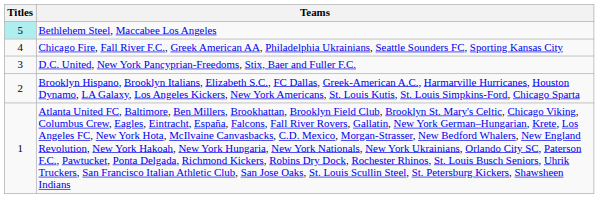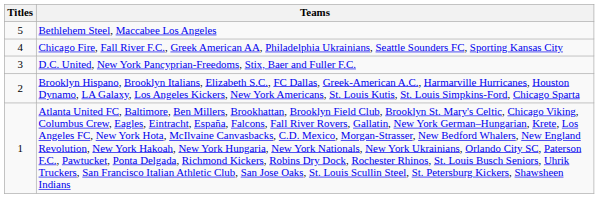 <table class="wikitable">
 <tr>
 <th style="width:40px;">Titles</th>
 <th style="width:1200px;">Teams</th>
 </tr>
 <tr>
-<td align=center style="background: paleturquoise;">5</td>
+<td align=center>5</td>
 <td><a href='#'>Bethlehem Steel</a>, <a href='#'>Maccabee Los Angeles</a></td>
 </tr>
 <tr>
 <td align=center>4</td>
 <td><a href='#'>Chicago Fire</a>, <a href='#'>Fall River F.C.</a>, <a href='#'>Greek American AA</a>, <a href='#'>Philadelphia Ukrainians</a>, <a href='#'>Seattle Sounders FC</a>, <a href='#'>Sporting Kansas City</a></td>
 </tr>
 <tr>
 <td align=center>3</td>
 <td><a href='#'>D.C. United</a>, <a href='#'>New York Pancyprian-Freedoms</a>, <a href='#'>Stix, Baer and Fuller F.C.</a></td>
 </tr>
 <tr>
 <td align=center>2</td>
 <td><a href='#'>Brooklyn Hispano</a>, <a href='#'>Brooklyn Italians</a>, <a href='#'>Elizabeth S.C.</a>, <a href='#'>FC Dallas</a>, <a href='#'>Greek-American A.C.</a>, <a href='#'>Harmarville Hurricanes</a>, <a href='#'>Houston Dynamo</a>, <a href='#'>LA Galaxy</a>, <a href='#'>Los Angeles Kickers</a>, <a href='#'>New York Americans</a>, <a href='#'>St. Louis Kutis</a>, <a href='#'>St. Louis Simpkins-Ford</a>, <a href='#'>Chicago Sparta</a></td>
 </tr>
 <tr>
 <td align=center>1</td>
 <td><a href='#'>Atlanta United FC</a>, <a href='#'>Baltimore</a>, <a href='#'>Ben Millers</a>, <a href='#'>Brookhattan</a>, <a href='#'>Brooklyn Field Club</a>, <a href='#'>Brooklyn St. Mary's Celtic</a>, <a href='#'>Chicago Viking</a>, <a href='#'>Columbus Crew</a>, <a href='#'>Eagles</a>, <a href='#'>Eintracht</a>, <a href='#'>España</a>, <a href='#'>Falcons</a>, <a href='#'>Fall River Rovers</a>, <a href='#'>Gallatin</a>, <a href='#'>New York German–Hungarian</a>, <a href='#'>Krete</a>, <a href='#'>Los Angeles FC</a>, <a href='#'>New York Hota</a>, <a href='#'>McIlvaine Canvasbacks</a>, <a href='#'>C.D. Mexico</a>, <a href='#'>Morgan-Strasser</a>, <a href='#'>New Bedford Whalers</a>, <a href='#'>New England Revolution</a>, <a href='#'>New York Hakoah</a>, <a href='#'>New York Hungaria</a>, <a href='#'>New York Nationals</a>, <a href='#'>New York Ukrainians</a>, <a href='#'>Orlando City SC</a>, <a href='#'>Paterson F.C.</a>, <a href='#'>Pawtucket</a>, <a href='#'>Ponta Delgada</a>, <a href='#'>Richmond Kickers</a>, <a href='#'>Robins Dry Dock</a>, <a href='#'>Rochester Rhinos</a>, <a href='#'>St. Louis Busch Seniors</a>, <a href='#'>Uhrik Truckers</a>, <a href='#'>San Francisco Italian Athletic Club</a>, <a href='#'>San Jose Oaks</a>, <a href='#'>St. Louis Scullin Steel</a>, <a href='#'>St. Petersburg Kickers</a>, <a href='#'>Shawsheen Indians</a></td>
 </tr>
 </table>
